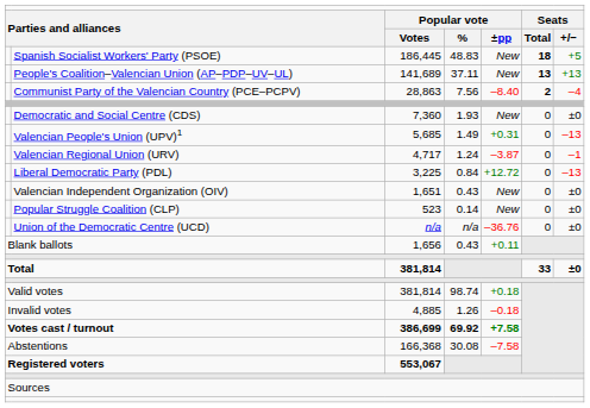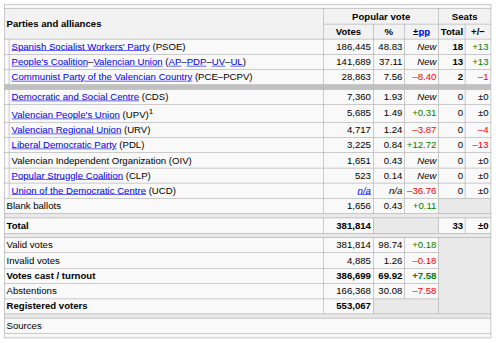 <table class="wikitable" style="text-align:right;">
 <tr>
 <td colspan="7"></td>
 </tr>
 <tr>
 <th style="text-align:left;" rowspan="2" colspan="2" width="525">Parties and alliances</th>
 <th colspan="3">Popular vote</th>
 <th colspan="2">Seats</th>
 </tr>
 <tr>
 <th width="75">Votes</th>
 <th width="45">%</th>
 <th width="45">±<a href='#'>pp</a></th>
 <th width="35">Total</th>
 <th width="35">+/−</th>
 </tr>
 <tr>
 <td width="1" style="color:inherit;background:"></td>
 <td align="left"><a href='#'>Spanish Socialist Workers' Party</a> (PSOE)</td>
 <td>186,445</td>
 <td>48.83</td>
 <td><em>New</em></td>
 <td><strong>18</strong></td>
-<td style="color:green;">+5</td>
+<td style="color:green;">+13</td>
 </tr>
 <tr>
 <td style="color:inherit;background:"></td>
 <td align="left"><a href='#'>People's Coalition</a>–<a href='#'>Valencian Union</a> (<a href='#'>AP</a>–<a href='#'>PDP</a>–<a href='#'>UV</a>–<a href='#'>UL</a>)</td>
 <td>141,689</td>
 <td>37.11</td>
 <td><em>New</em></td>
 <td><strong>13</strong></td>
 <td style="color:green;">+13</td>
 </tr>
 <tr>
 <td style="color:inherit;background:"></td>
 <td align="left"><a href='#'>Communist Party of the Valencian Country</a> (PCE–PCPV)</td>
 <td>28,863</td>
 <td>7.56</td>
 <td style="color:red;">–8.40</td>
 <td><strong>2</strong></td>
-<td style="color:red;">–4</td>
+<td style="color:red;">–1</td>
 </tr>
 <tr>
 <td colspan="7" bgcolor="#C0C0C0"></td>
 </tr>
 <tr>
 <td style="color:inherit;background:"></td>
 <td align="left"><a href='#'>Democratic and Social Centre</a> (CDS)</td>
 <td>7,360</td>
 <td>1.93</td>
 <td><em>New</em></td>
 <td>0</td>
 <td>±0</td>
 </tr>
 <tr>
 <td style="color:inherit;background:"></td>
 <td align="left"><a href='#'>Valencian People's Union</a> (UPV)<sup>1</sup></td>
 <td>5,685</td>
 <td>1.49</td>
 <td style="color:green;">+0.31</td>
 <td>0</td>
-<td style="color:red;">–13</td>
+<td>±0</td>
 </tr>
 <tr>
 <td style="color:inherit;background:"></td>
 <td align="left"><a href='#'>Valencian Regional Union</a> (URV)</td>
 <td>4,717</td>
 <td>1.24</td>
 <td style="color:red;">–3.87</td>
 <td>0</td>
-<td style="color:red;">–1</td>
+<td style="color:red;">–4</td>
 </tr>
 <tr>
 <td style="color:inherit;background:"></td>
 <td align="left"><a href='#'>Liberal Democratic Party</a> (PDL)</td>
 <td>3,225</td>
 <td>0.84</td>
 <td style="color:green;">+12.72</td>
 <td>0</td>
 <td style="color:red;">–13</td>
 </tr>
 <tr>
 <td style="color:inherit;background:"></td>
 <td align="left">Valencian Independent Organization (OIV)</td>
 <td>1,651</td>
 <td>0.43</td>
 <td><em>New</em></td>
 <td>0</td>
 <td>±0</td>
 </tr>
 <tr>
 <td style="color:inherit;background:"></td>
 <td align="left"><a href='#'>Popular Struggle Coalition</a> (CLP)</td>
 <td>523</td>
 <td>0.14</td>
 <td><em>New</em></td>
 <td>0</td>
 <td>±0</td>
 </tr>
 <tr>
 <td style="color:inherit;background:"></td>
 <td align="left"><a href='#'>Union of the Democratic Centre</a> (UCD)</td>
 <td><em><a href='#'>n/a</a></em></td>
 <td><em>n/a</em></td>
 <td style="color:red;">–36.76</td>
 <td>0</td>
 <td>±0</td>
 </tr>
 <tr>
 <td align="left" colspan="2">Blank ballots</td>
 <td>1,656</td>
 <td>0.43</td>
 <td style="color:green;">+0.11</td>
 <td bgcolor="#E9E9E9" colspan="2"></td>
 </tr>
 <tr>
 <td colspan="7" bgcolor="#E9E9E9"></td>
 </tr>
 <tr style="font-weight:bold;">
 <td align="left" colspan="2">Total</td>
 <td>381,814</td>
 <td bgcolor="#E9E9E9" colspan="2"></td>
 <td>33</td>
 <td>±0</td>
 </tr>
 <tr>
 <td colspan="7" bgcolor="#E9E9E9"></td>
 </tr>
 <tr>
 <td align="left" colspan="2">Valid votes</td>
 <td>381,814</td>
 <td>98.74</td>
 <td style="color:green;">+0.18</td>
 <td bgcolor="#E9E9E9" colspan="2" rowspan="5"></td>
 </tr>
 <tr>
 <td align="left" colspan="2">Invalid votes</td>
 <td>4,885</td>
 <td>1.26</td>
 <td style="color:red;">–0.18</td>
 </tr>
 <tr style="font-weight:bold;">
 <td align="left" colspan="2">Votes cast / turnout</td>
 <td>386,699</td>
 <td>69.92</td>
 <td style="color:green;">+7.58</td>
 </tr>
 <tr>
 <td align="left" colspan="2">Abstentions</td>
 <td>166,368</td>
 <td>30.08</td>
 <td style="color:red;">–7.58</td>
 </tr>
 <tr style="font-weight:bold;">
 <td align="left" colspan="2">Registered voters</td>
 <td>553,067</td>
 <td bgcolor="#E9E9E9" colspan="2"></td>
 </tr>
 <tr>
 <td colspan="7" bgcolor="#E9E9E9"></td>
 </tr>
 <tr>
 <td align="left" colspan="7">Sources</td>
 </tr>
 <tr>
 <td colspan="7" style="text-align:left; max-width:790px;"></td>
 </tr>
 </table>
